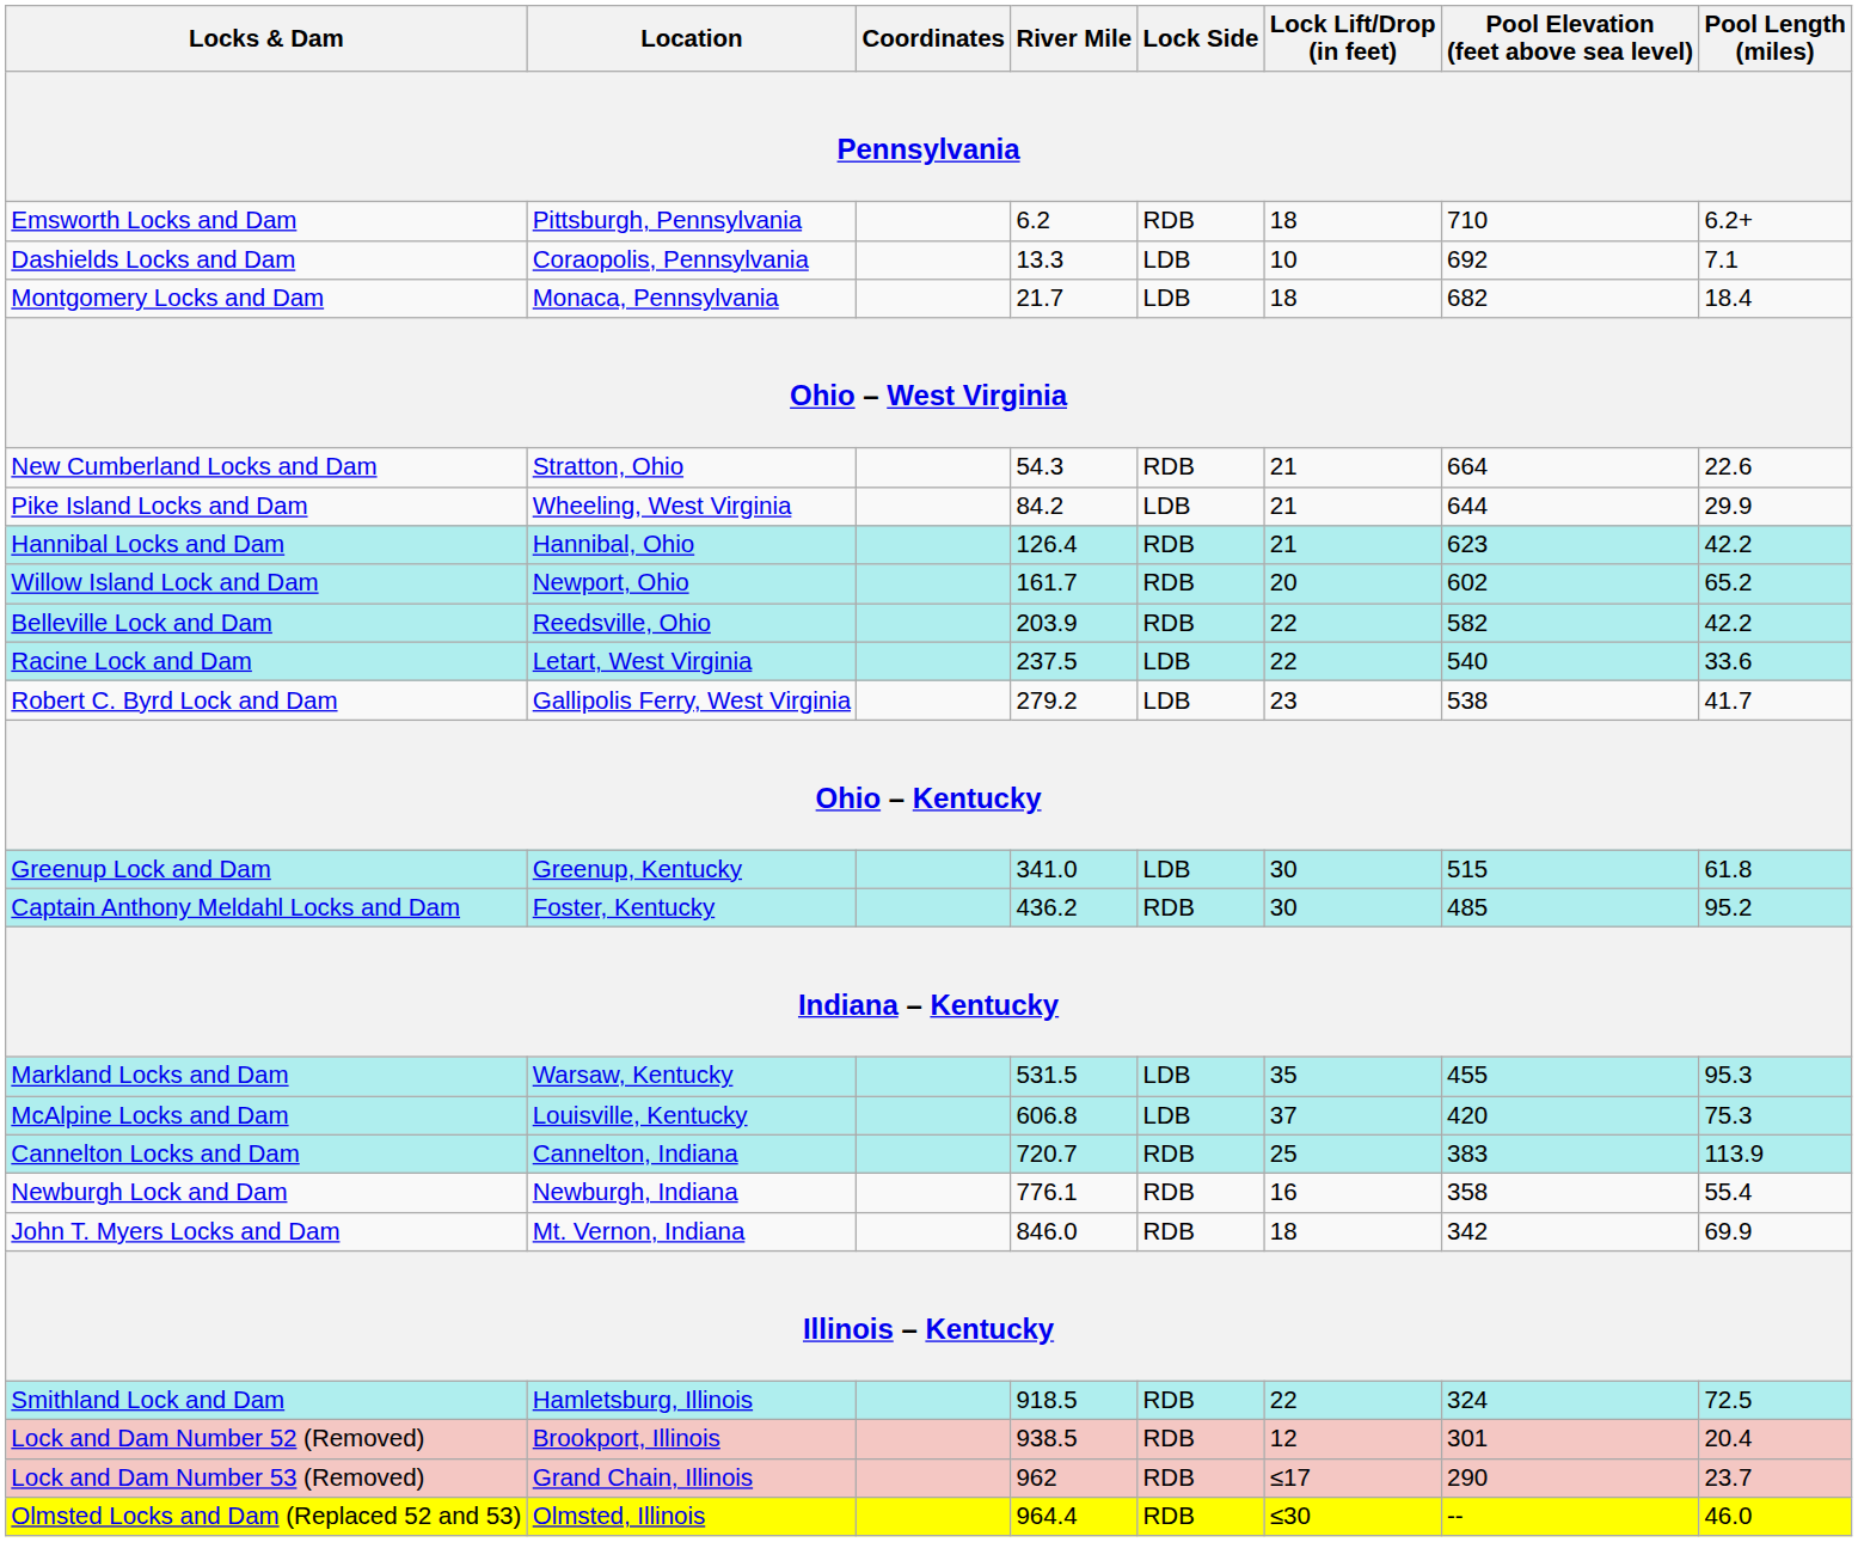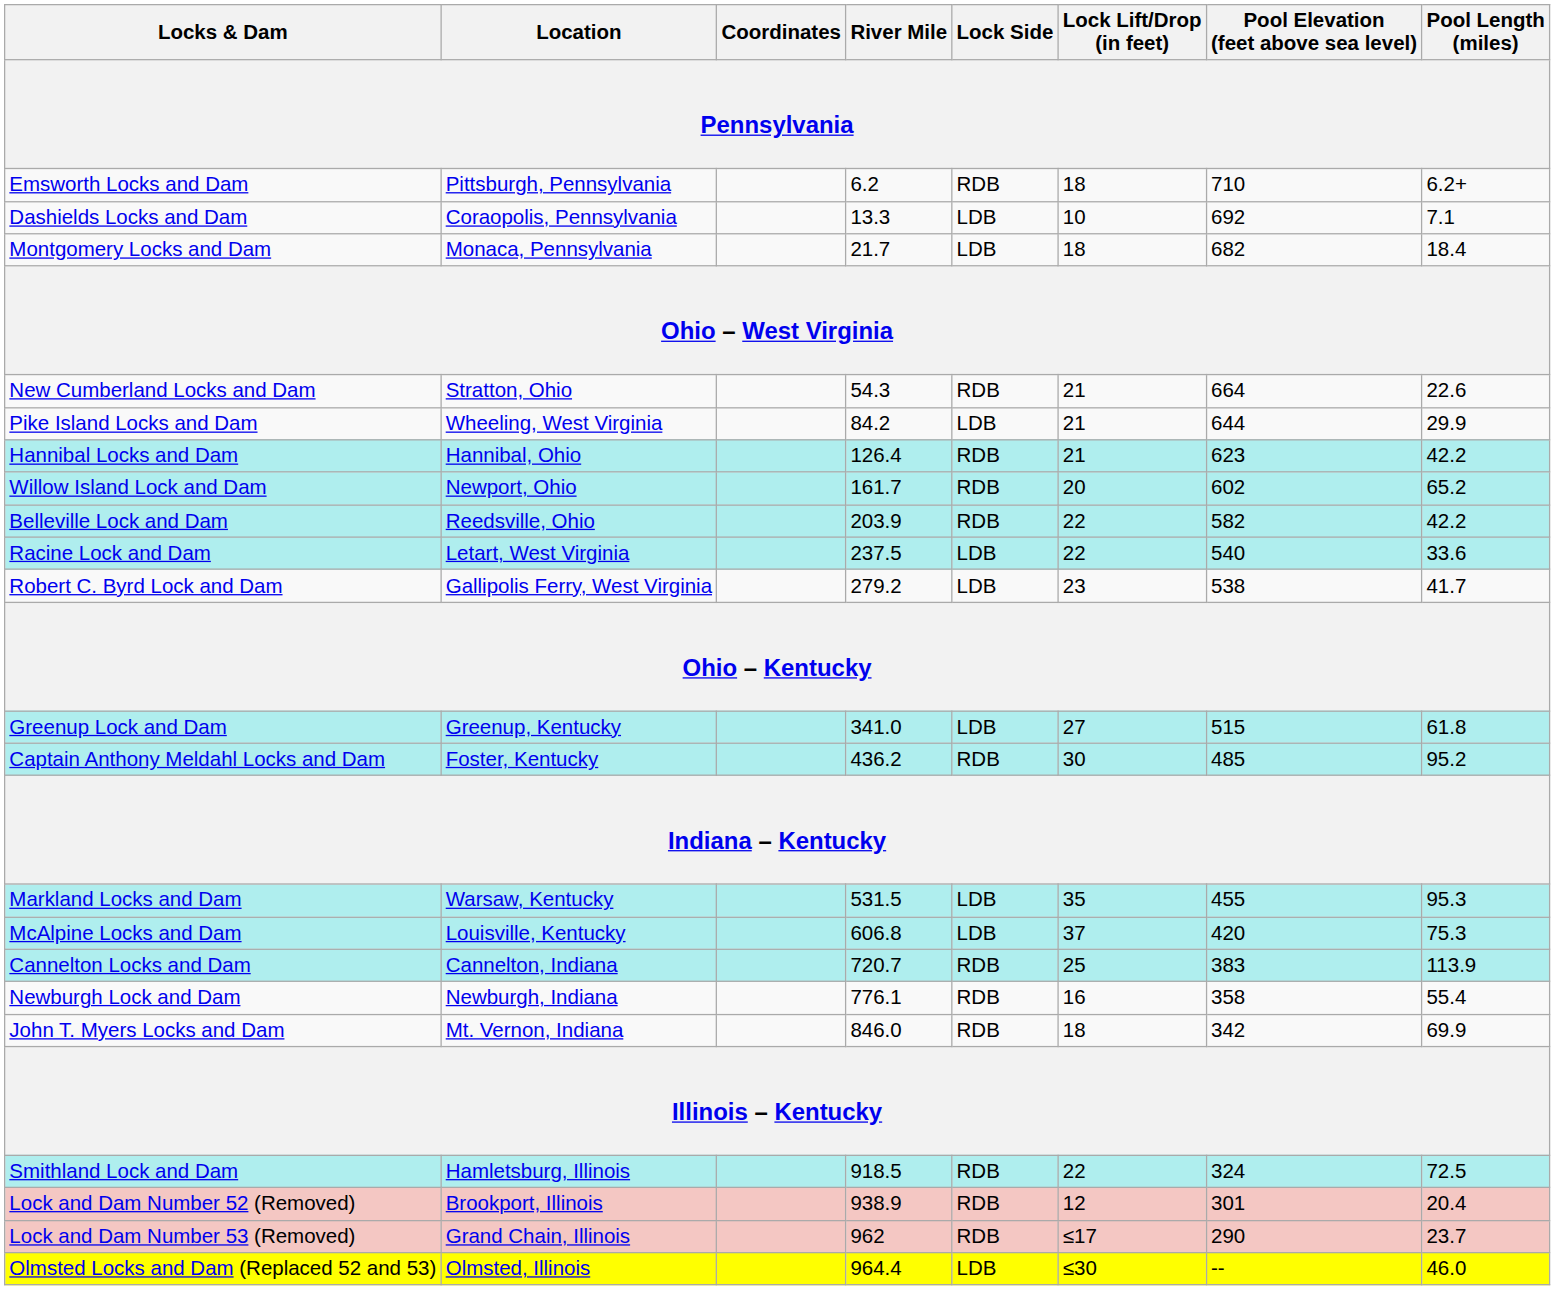 <table class="wikitable">
 <tr>
 <th>Locks & Dam</th>
 <th>Location</th>
 <th>Coordinates</th>
 <th>River Mile</th>
 <th>Lock Side</th>
 <th>Lock Lift/Drop<br>(in feet)</th>
 <th>Pool Elevation<br>(feet above sea level)</th>
 <th>Pool Length<br>(miles)</th>
 </tr>
 <tr>
 <th colspan=8><br><h3><a href='#'>Pennsylvania</a></h3></th>
 </tr>
 <tr>
 <td><a href='#'>Emsworth Locks and Dam</a></td>
 <td><a href='#'>Pittsburgh, Pennsylvania</a></td>
 <td></td>
 <td>6.2</td>
 <td>RDB</td>
 <td>18</td>
 <td>710</td>
 <td>6.2+</td>
 </tr>
 <tr>
 <td><a href='#'>Dashields Locks and Dam</a></td>
 <td><a href='#'>Coraopolis, Pennsylvania</a></td>
 <td></td>
 <td>13.3</td>
 <td>LDB</td>
 <td>10</td>
 <td>692</td>
 <td>7.1</td>
 </tr>
 <tr>
 <td><a href='#'>Montgomery Locks and Dam</a></td>
 <td><a href='#'>Monaca, Pennsylvania</a></td>
 <td></td>
 <td>21.7</td>
 <td>LDB</td>
 <td>18</td>
 <td>682</td>
 <td>18.4</td>
 </tr>
 <tr>
 <th colspan=8><br><h3><a href='#'>Ohio</a> – <a href='#'>West Virginia</a></h3></th>
 </tr>
 <tr>
 <td><a href='#'>New Cumberland Locks and Dam</a></td>
 <td><a href='#'>Stratton, Ohio</a></td>
 <td></td>
 <td>54.3</td>
 <td>RDB</td>
 <td>21</td>
 <td>664</td>
 <td>22.6</td>
 </tr>
 <tr>
 <td><a href='#'>Pike Island Locks and Dam</a></td>
 <td><a href='#'>Wheeling, West Virginia</a></td>
 <td></td>
 <td>84.2</td>
 <td>LDB</td>
 <td>21</td>
 <td>644</td>
 <td>29.9</td>
 </tr>
 <tr bgcolor="#AFEEEE">
 <td><a href='#'>Hannibal Locks and Dam</a></td>
 <td><a href='#'>Hannibal, Ohio</a></td>
 <td></td>
 <td>126.4</td>
 <td>RDB</td>
 <td>21</td>
 <td>623</td>
 <td>42.2</td>
 </tr>
 <tr bgcolor="#AFEEEE">
 <td><a href='#'>Willow Island Lock and Dam</a></td>
 <td><a href='#'>Newport, Ohio</a></td>
 <td></td>
 <td>161.7</td>
 <td>RDB</td>
 <td>20</td>
 <td>602</td>
 <td>65.2</td>
 </tr>
 <tr bgcolor="#AFEEEE">
 <td><a href='#'>Belleville Lock and Dam</a></td>
 <td><a href='#'>Reedsville, Ohio</a></td>
 <td></td>
 <td>203.9</td>
 <td>RDB</td>
 <td>22</td>
 <td>582</td>
 <td>42.2</td>
 </tr>
 <tr bgcolor="#AFEEEE">
 <td><a href='#'>Racine Lock and Dam</a></td>
 <td><a href='#'>Letart, West Virginia</a></td>
 <td></td>
 <td>237.5</td>
 <td>LDB</td>
 <td>22</td>
 <td>540</td>
 <td>33.6</td>
 </tr>
 <tr>
 <td><a href='#'>Robert C. Byrd Lock and Dam</a></td>
 <td><a href='#'>Gallipolis Ferry, West Virginia</a></td>
 <td></td>
 <td>279.2</td>
 <td>LDB</td>
 <td>23</td>
 <td>538</td>
 <td>41.7</td>
 </tr>
 <tr>
 <th colspan=8><br><h3><a href='#'>Ohio</a> – <a href='#'>Kentucky</a></h3></th>
 </tr>
 <tr bgcolor="#AFEEEE">
 <td><a href='#'>Greenup Lock and Dam</a></td>
 <td><a href='#'>Greenup, Kentucky</a></td>
 <td></td>
 <td>341.0</td>
 <td>LDB</td>
-<td>30</td>
+<td>27</td>
 <td>515</td>
 <td>61.8</td>
 </tr>
 <tr bgcolor="#AFEEEE">
 <td><a href='#'>Captain Anthony Meldahl Locks and Dam</a></td>
 <td><a href='#'>Foster, Kentucky</a></td>
 <td></td>
 <td>436.2</td>
 <td>RDB</td>
 <td>30</td>
 <td>485</td>
 <td>95.2</td>
 </tr>
 <tr>
 <th colspan=8><br><h3><a href='#'>Indiana</a> – <a href='#'>Kentucky</a></h3></th>
 </tr>
 <tr bgcolor="#AFEEEE">
 <td><a href='#'>Markland Locks and Dam</a></td>
 <td><a href='#'>Warsaw, Kentucky</a></td>
 <td></td>
 <td>531.5</td>
 <td>LDB</td>
 <td>35</td>
 <td>455</td>
 <td>95.3</td>
 </tr>
 <tr bgcolor="#AFEEEE">
 <td><a href='#'>McAlpine Locks and Dam</a></td>
 <td><a href='#'>Louisville, Kentucky</a></td>
 <td></td>
 <td>606.8</td>
 <td>LDB</td>
 <td>37</td>
 <td>420</td>
 <td>75.3</td>
 </tr>
 <tr bgcolor="#AFEEEE">
 <td><a href='#'>Cannelton Locks and Dam</a></td>
 <td><a href='#'>Cannelton, Indiana</a></td>
 <td></td>
 <td>720.7</td>
 <td>RDB</td>
 <td>25</td>
 <td>383</td>
 <td>113.9</td>
 </tr>
 <tr>
 <td><a href='#'>Newburgh Lock and Dam</a></td>
 <td><a href='#'>Newburgh, Indiana</a></td>
 <td></td>
 <td>776.1</td>
 <td>RDB</td>
 <td>16</td>
 <td>358</td>
 <td>55.4</td>
 </tr>
 <tr>
 <td><a href='#'>John T. Myers Locks and Dam</a></td>
 <td><a href='#'>Mt. Vernon, Indiana</a></td>
 <td></td>
 <td>846.0</td>
 <td>RDB</td>
 <td>18</td>
 <td>342</td>
 <td>69.9</td>
 </tr>
 <tr>
 <th colspan=8><br><h3><a href='#'>Illinois</a> – <a href='#'>Kentucky</a></h3></th>
 </tr>
 <tr bgcolor="#AFEEEE">
 <td><a href='#'>Smithland Lock and Dam</a></td>
 <td><a href='#'>Hamletsburg, Illinois</a> </td>
 <td></td>
 <td>918.5</td>
 <td>RDB</td>
 <td>22</td>
 <td>324</td>
 <td>72.5</td>
 </tr>
 <tr bgcolor="#F4C7C3">
 <td><a href='#'>Lock and Dam Number 52</a> (Removed)</td>
 <td><a href='#'>Brookport, Illinois</a></td>
 <td></td>
-<td>938.5</td>
+<td>938.9</td>
 <td>RDB</td>
 <td>12</td>
 <td>301</td>
 <td>20.4</td>
 </tr>
 <tr bgcolor="#F4C7C3">
 <td><a href='#'>Lock and Dam Number 53</a> (Removed)</td>
 <td><a href='#'>Grand Chain, Illinois</a></td>
 <td></td>
 <td>962</td>
 <td>RDB</td>
 <td>≤17</td>
 <td>290</td>
 <td>23.7</td>
 </tr>
 <tr bgcolor="#FFFF00">
 <td><a href='#'>Olmsted Locks and Dam</a> (Replaced 52 and 53)</td>
 <td><a href='#'>Olmsted, Illinois</a></td>
 <td></td>
 <td>964.4</td>
-<td>RDB</td>
+<td>LDB</td>
 <td>≤30</td>
 <td>--</td>
 <td>46.0</td>
 </tr>
 </table>
